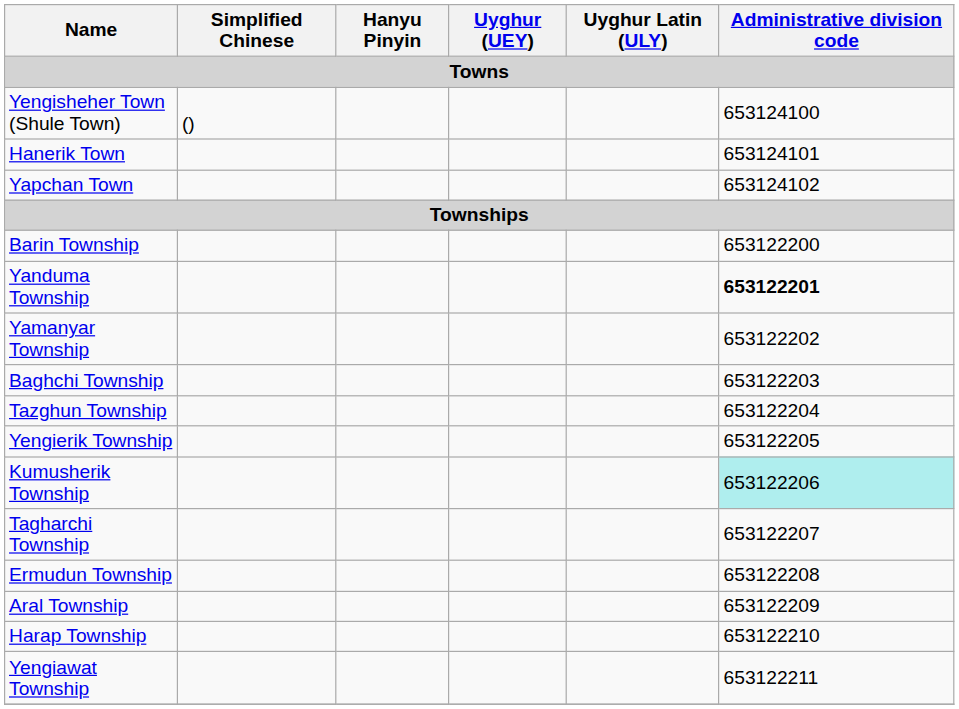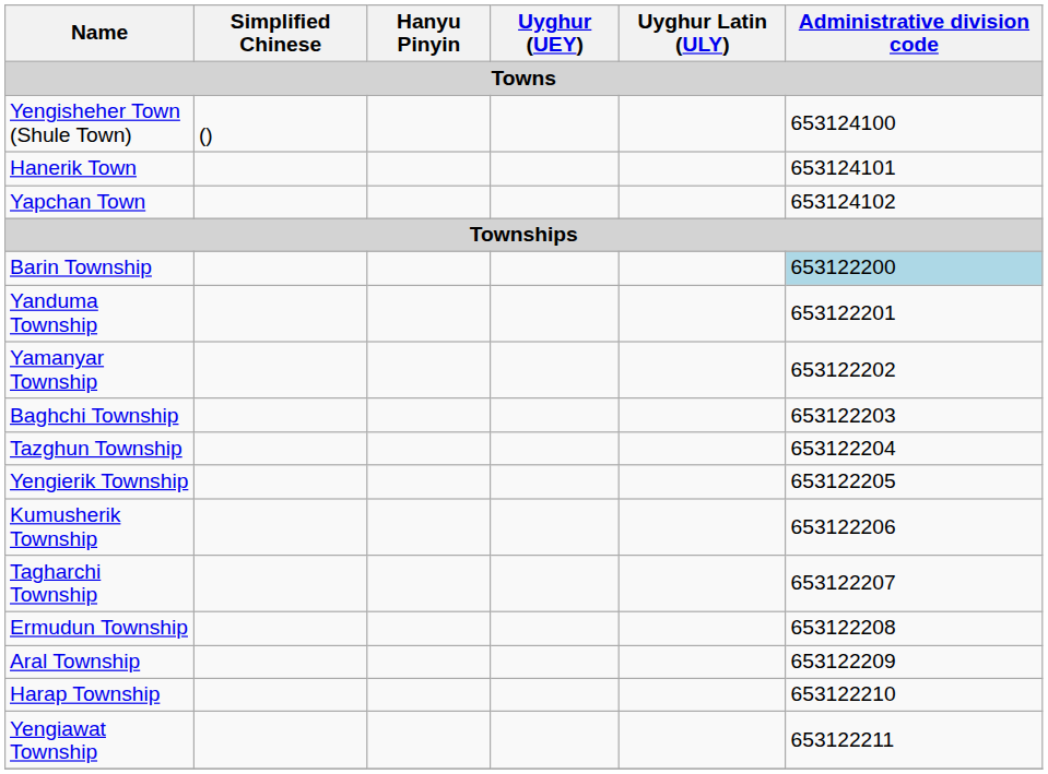 <table class="wikitable" align="center" style="width:50%; border="1">
 <tr>
 <th>Name</th>
 <th>Simplified Chinese</th>
 <th>Hanyu Pinyin</th>
 <th><a href='#'>Uyghur</a> (<a href='#'>UEY</a>)</th>
 <th>Uyghur Latin (<a href='#'>ULY</a>)</th>
 <th><a href='#'>Administrative division code</a></th>
 </tr>
 <tr>
 <td colspan="7"  style="text-align:center; background:#d3d3d3;"><strong>Towns</strong></td>
 </tr>
 <tr --------->
 <td><a href='#'>Yengisheher Town</a><br>(Shule Town)</td>
 <td><br>()</td>
 <td></td>
 <td></td>
 <td></td>
 <td>653124100</td>
 </tr>
 <tr>
 <td><a href='#'>Hanerik Town</a></td>
 <td></td>
 <td></td>
 <td></td>
 <td></td>
 <td>653124101</td>
 </tr>
 <tr>
 <td><a href='#'>Yapchan Town</a></td>
 <td></td>
 <td></td>
 <td></td>
 <td></td>
 <td>653124102</td>
 </tr>
 <tr --------->
 <td colspan="7"  style="text-align:center; background:#d3d3d3;"><strong>Townships</strong></td>
 </tr>
 <tr --------->
 <td><a href='#'>Barin Township</a></td>
 <td></td>
 <td></td>
 <td></td>
 <td></td>
-<td>653122200</td>
+<td style="background: lightblue;">653122200</td>
 </tr>
 <tr>
 <td><a href='#'>Yanduma Township</a></td>
 <td></td>
 <td></td>
 <td></td>
 <td></td>
-<td><strong>653122201</strong></td>
+<td>653122201</td>
 </tr>
 <tr>
 <td><a href='#'>Yamanyar Township</a></td>
 <td></td>
 <td></td>
 <td></td>
 <td></td>
 <td>653122202</td>
 </tr>
 <tr>
 <td><a href='#'>Baghchi Township</a></td>
 <td></td>
 <td></td>
 <td></td>
 <td></td>
 <td>653122203</td>
 </tr>
 <tr>
 <td><a href='#'>Tazghun Township</a></td>
 <td></td>
 <td></td>
 <td></td>
 <td></td>
 <td>653122204</td>
 </tr>
 <tr>
 <td><a href='#'>Yengierik Township</a></td>
 <td></td>
 <td></td>
 <td></td>
 <td></td>
 <td>653122205</td>
 </tr>
 <tr>
 <td><a href='#'>Kumusherik Township</a></td>
 <td></td>
 <td></td>
 <td></td>
 <td></td>
-<td style="background: paleturquoise;">653122206</td>
+<td>653122206</td>
 </tr>
 <tr>
 <td><a href='#'>Tagharchi Township</a></td>
 <td></td>
 <td></td>
 <td></td>
 <td></td>
 <td>653122207</td>
 </tr>
 <tr>
 <td><a href='#'>Ermudun Township</a></td>
 <td></td>
 <td></td>
 <td></td>
 <td></td>
 <td>653122208</td>
 </tr>
 <tr>
 <td><a href='#'>Aral Township</a></td>
 <td></td>
 <td></td>
 <td></td>
 <td></td>
 <td>653122209</td>
 </tr>
 <tr>
 <td><a href='#'>Harap Township</a></td>
 <td></td>
 <td></td>
 <td></td>
 <td></td>
 <td>653122210</td>
 </tr>
 <tr>
 <td><a href='#'>Yengiawat Township</a></td>
 <td></td>
 <td></td>
 <td></td>
 <td></td>
 <td>653122211</td>
 </tr>
 <tr>
 </tr>
 </table>
